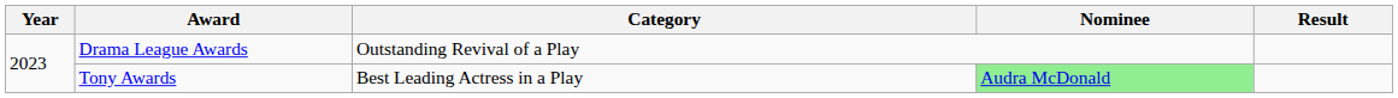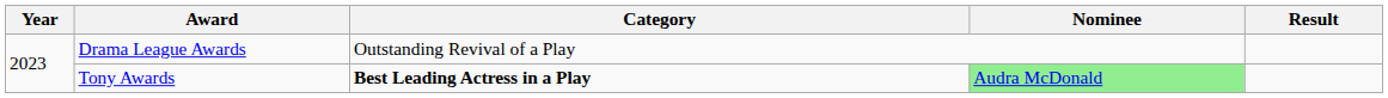 <table class="wikitable" width="95%">
 <tr>
 <th width="5%">Year</th>
 <th width="20%">Award</th>
 <th width="45%">Category</th>
 <th width="20%">Nominee</th>
 <th width="10%">Result</th>
 </tr>
 <tr>
 <td rowspan="2">2023</td>
 <td><a href='#'>Drama League Awards</a></td>
 <td colspan="2">Outstanding Revival of a Play</td>
 <td></td>
 </tr>
 <tr>
 <td><a href='#'>Tony Awards</a></td>
-<td>Best Leading Actress in a Play</td>
+<td><strong>Best Leading Actress in a Play</strong></td>
 <td style="background: lightgreen;"><a href='#'>Audra McDonald</a></td>
 <td></td>
 </tr>
 </table>
